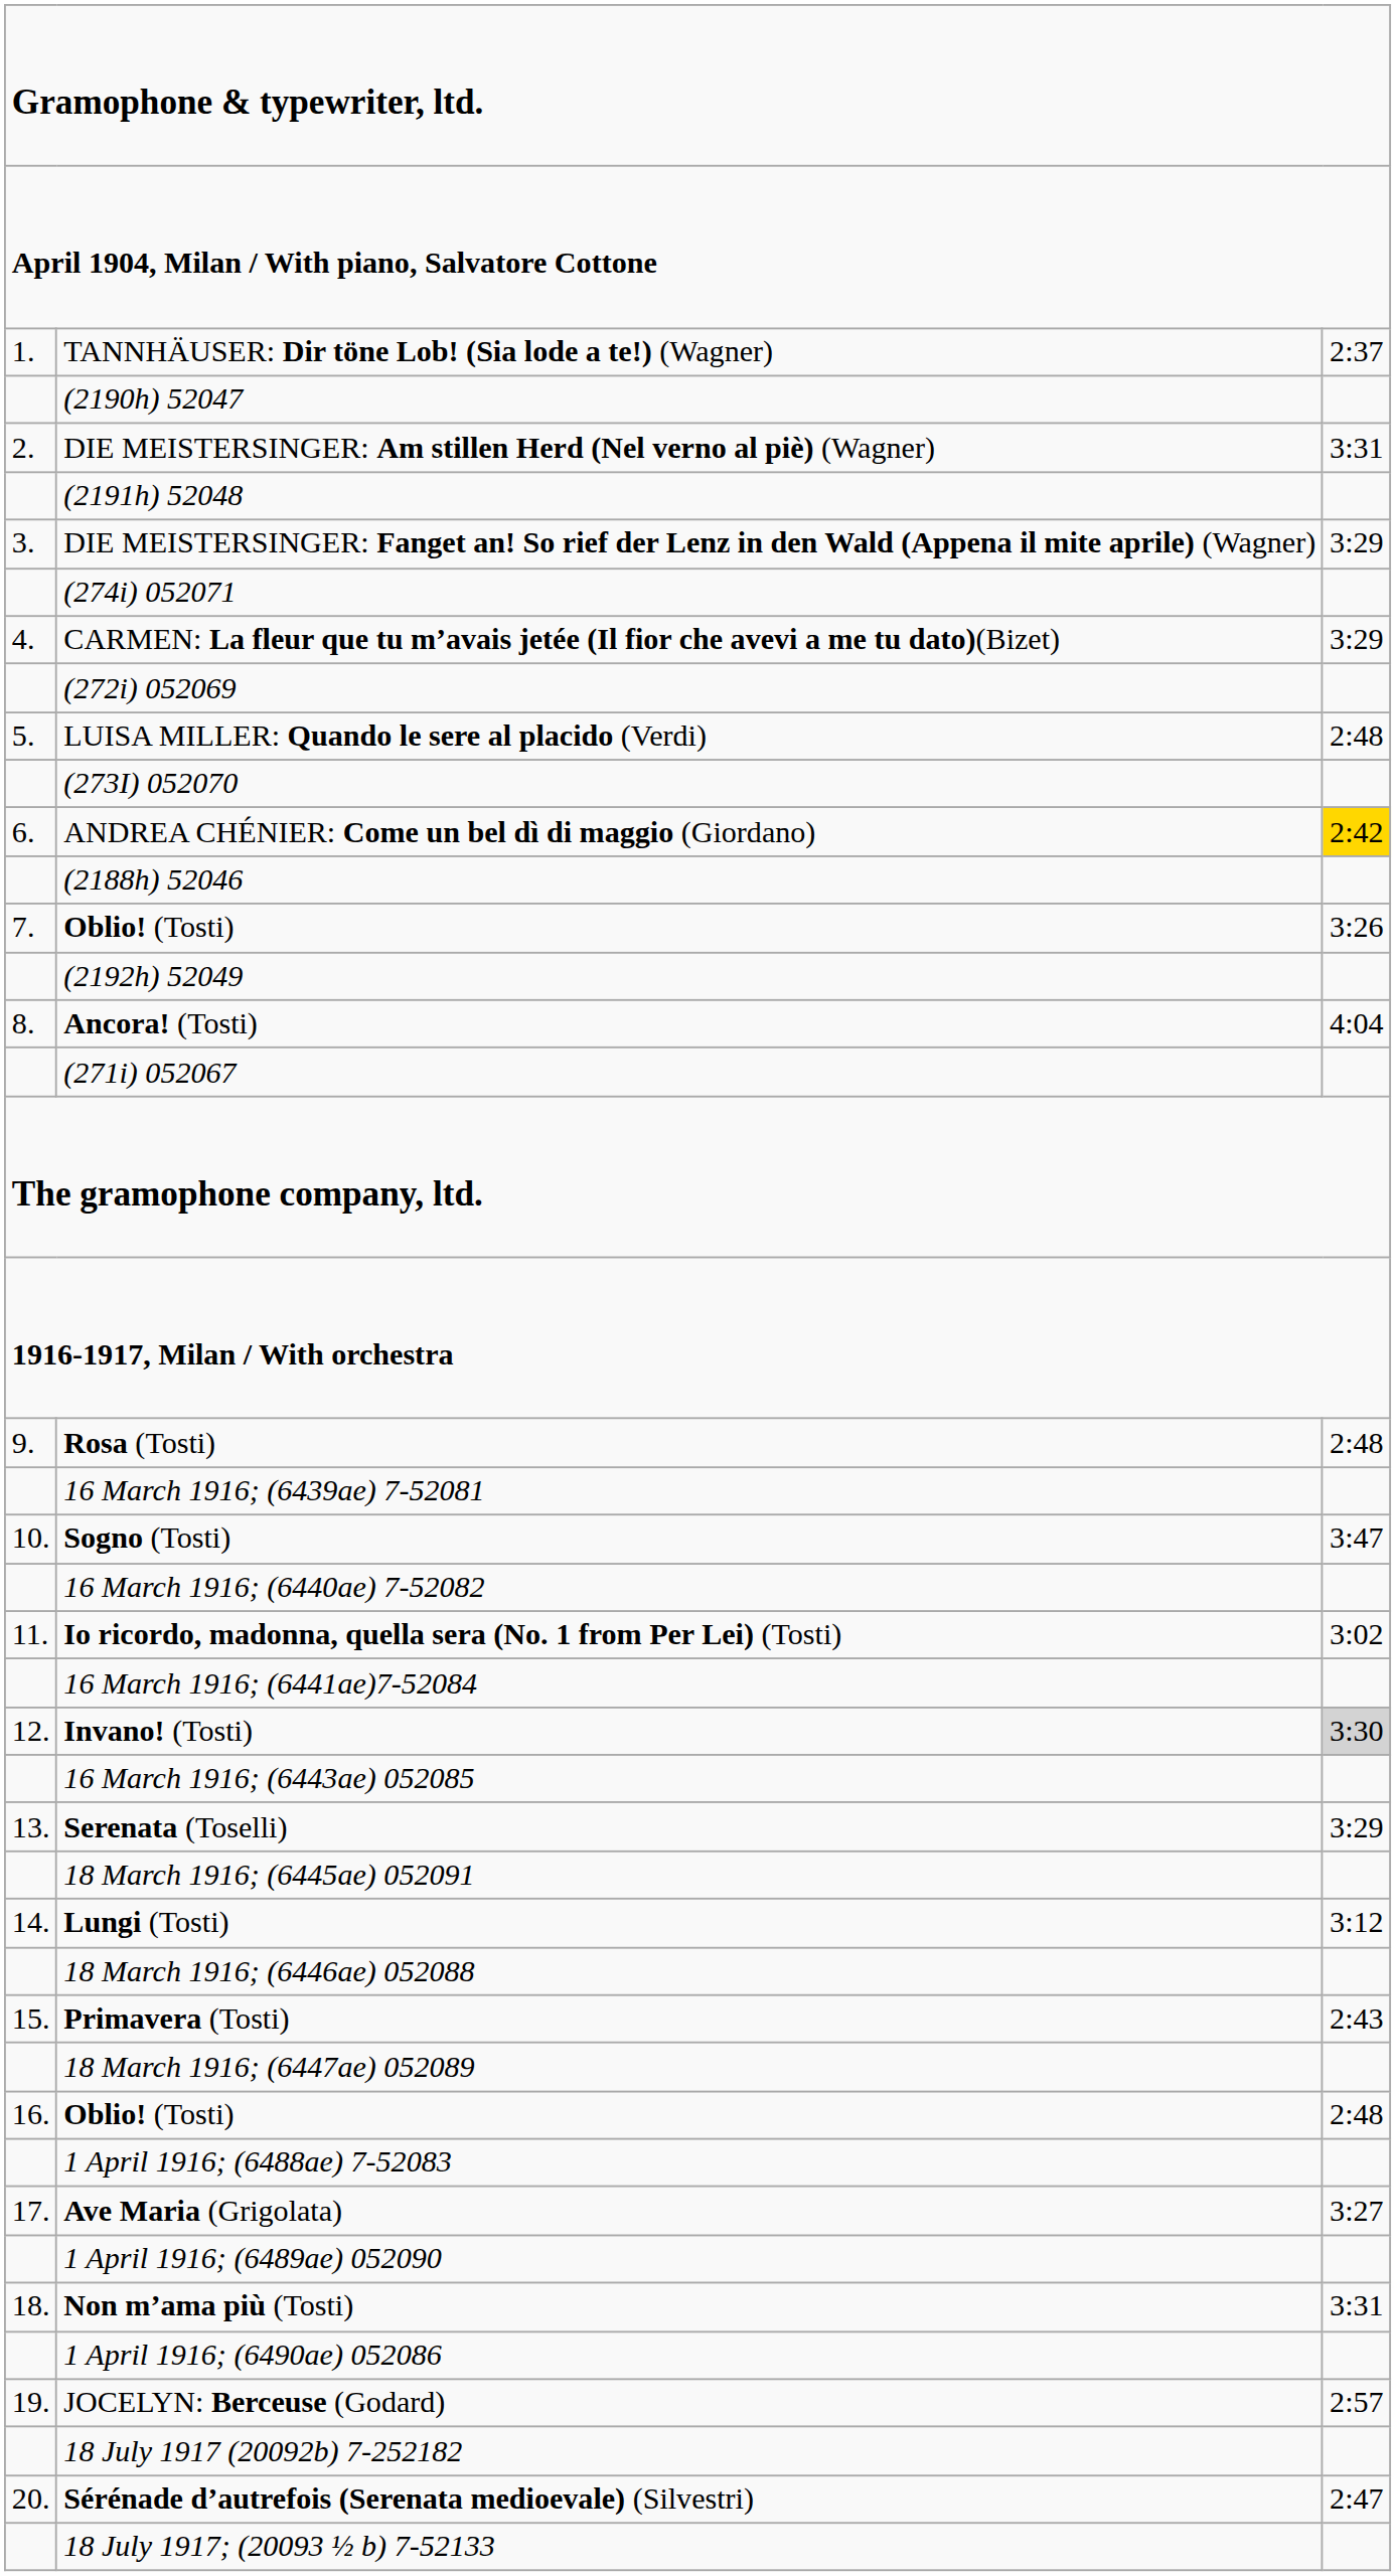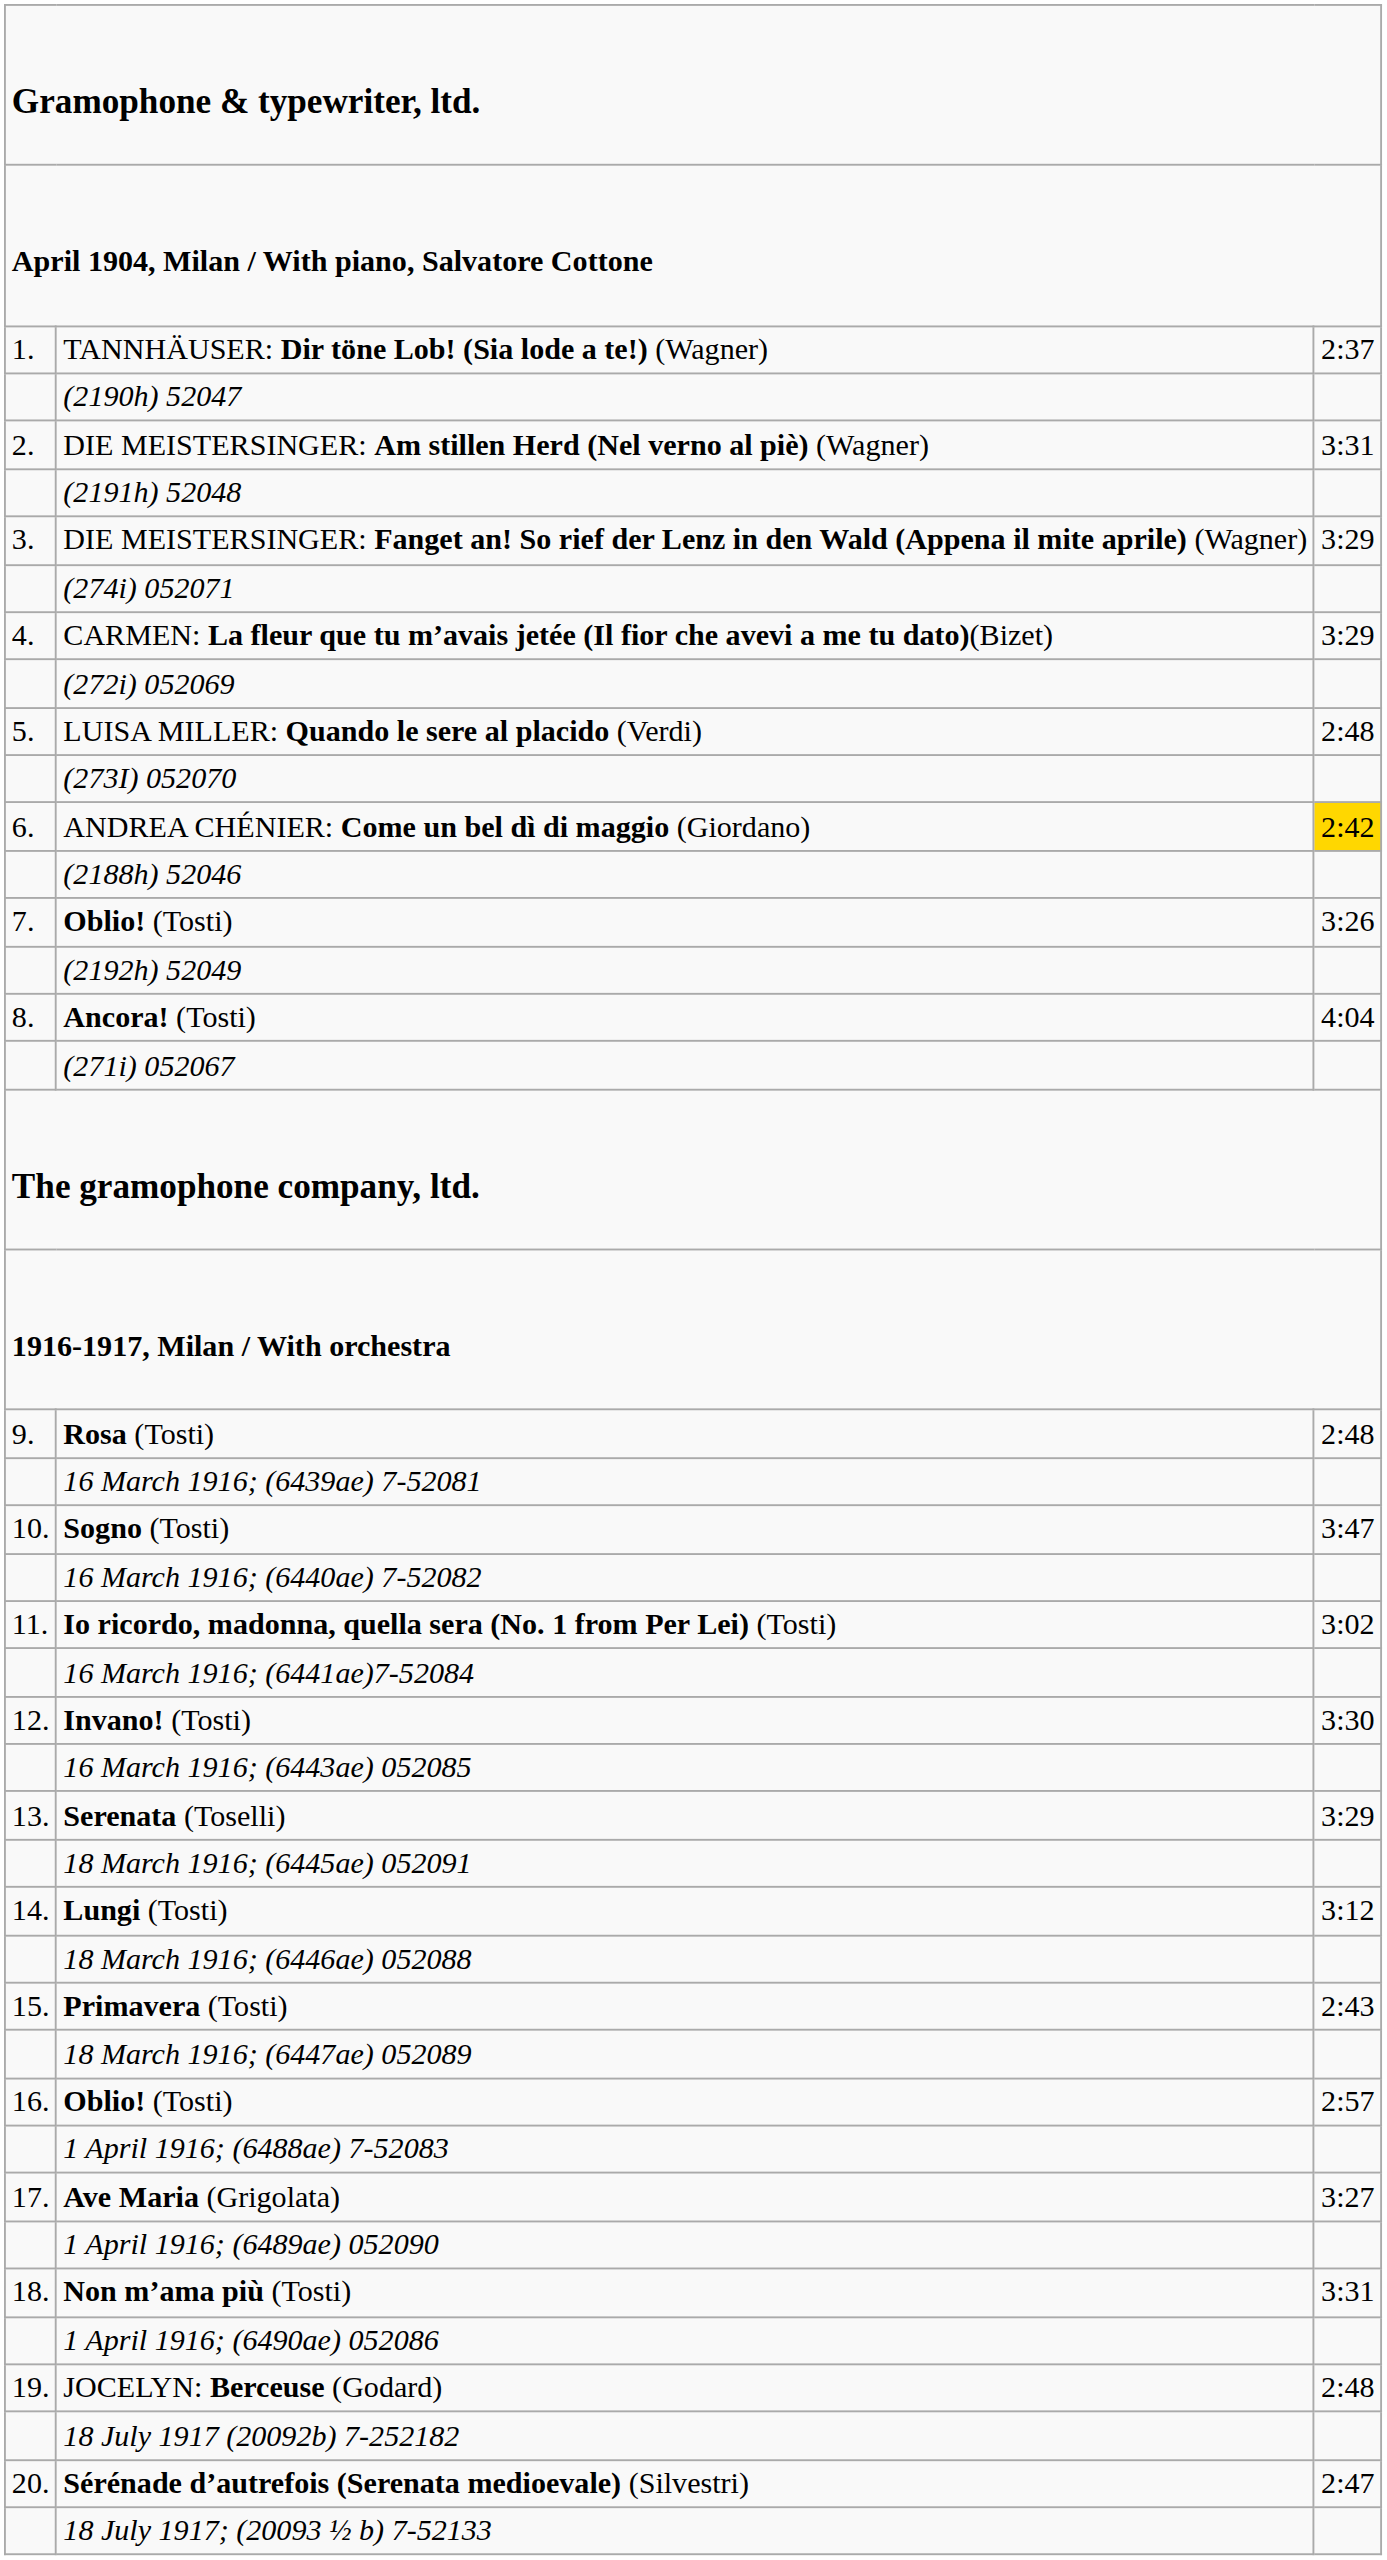 <table class="wikitable">
 <tr>
 <td colspan="3"><br><h3>Gramophone & typewriter, ltd.</h3></td>
 </tr>
 <tr>
 <td colspan="3"><br><h4>April 1904, Milan / With piano, Salvatore Cottone</h4></td>
 </tr>
 <tr>
 <td>1.</td>
 <td>TANNHÄUSER: <strong>Dir töne Lob! (Sia lode a te!)</strong> (Wagner)</td>
 <td>2:37</td>
 </tr>
 <tr>
 <td></td>
 <td><em>(2190h) 52047</em></td>
 <td></td>
 </tr>
 <tr>
 <td>2.</td>
 <td>DIE MEISTERSINGER: <strong>Am stillen Herd (Nel verno al piè)</strong> (Wagner)</td>
 <td>3:31</td>
 </tr>
 <tr>
 <td></td>
 <td><em>(2191h) 52048</em></td>
 <td></td>
 </tr>
 <tr>
 <td>3.</td>
 <td>DIE MEISTERSINGER: <strong>Fanget an! So rief der Lenz in den Wald (Appena il mite aprile)</strong> (Wagner)</td>
 <td>3:29</td>
 </tr>
 <tr>
 <td></td>
 <td><em>(274i) 052071</em></td>
 <td></td>
 </tr>
 <tr>
 <td>4.</td>
 <td>CARMEN: <strong>La fleur que tu m’avais jetée (Il fior che avevi a me tu dato)</strong>(Bizet)</td>
 <td>3:29</td>
 </tr>
 <tr>
 <td></td>
 <td><em>(272i) 052069</em></td>
 <td></td>
 </tr>
 <tr>
 <td>5.</td>
 <td>LUISA MILLER: <strong>Quando le sere al placido</strong> (Verdi)</td>
 <td>2:48</td>
 </tr>
 <tr>
 <td></td>
 <td><em>(273I) 052070</em></td>
 <td></td>
 </tr>
 <tr>
 <td>6.</td>
 <td>ANDREA CHÉNIER: <strong>Come un bel dì di maggio</strong> (Giordano)</td>
 <td style="background: gold;">2:42</td>
 </tr>
 <tr>
 <td></td>
 <td><em>(2188h) 52046</em></td>
 <td></td>
 </tr>
 <tr>
 <td>7.</td>
 <td><strong>Oblio!</strong> (Tosti)</td>
 <td>3:26</td>
 </tr>
 <tr>
 <td></td>
 <td><em>(2192h) 52049</em></td>
 <td></td>
 </tr>
 <tr>
 <td>8.</td>
 <td><strong>Ancora!</strong> (Tosti)</td>
 <td>4:04</td>
 </tr>
 <tr>
 <td></td>
 <td><em>(271i) 052067</em></td>
 <td></td>
 </tr>
 <tr>
 <td colspan="3"><br><h3>The gramophone company, ltd.</h3></td>
 </tr>
 <tr>
 <td colspan="3"><br><h4>1916-1917, Milan / With orchestra</h4></td>
 </tr>
 <tr>
 <td>9.</td>
 <td><strong>Rosa</strong> (Tosti)</td>
 <td>2:48</td>
 </tr>
 <tr>
 <td></td>
 <td><em>16 March 1916; (6439ae) 7-52081</em></td>
 <td></td>
 </tr>
 <tr>
 <td>10.</td>
 <td><strong>Sogno</strong> (Tosti)</td>
 <td>3:47</td>
 </tr>
 <tr>
 <td></td>
 <td><em>16 March 1916; (6440ae) 7-52082</em></td>
 <td></td>
 </tr>
 <tr>
 <td>11.</td>
 <td><strong>Io ricordo, madonna, quella sera (No. 1 from Per Lei)</strong> (Tosti)</td>
 <td>3:02</td>
 </tr>
 <tr>
 <td></td>
 <td><em>16 March 1916; (6441ae)7-52084</em></td>
 <td></td>
 </tr>
 <tr>
 <td>12.</td>
 <td><strong>Invano!</strong> (Tosti)</td>
-<td style="background: lightgrey;">3:30</td>
+<td>3:30</td>
 </tr>
 <tr>
 <td></td>
 <td><em>16 March 1916; (6443ae) 052085</em></td>
 <td></td>
 </tr>
 <tr>
 <td>13.</td>
 <td><strong>Serenata</strong> (Toselli)</td>
 <td>3:29</td>
 </tr>
 <tr>
 <td></td>
 <td><em>18 March 1916; (6445ae) 052091</em></td>
 <td></td>
 </tr>
 <tr>
 <td>14.</td>
 <td><strong>Lungi</strong> (Tosti)</td>
 <td>3:12</td>
 </tr>
 <tr>
 <td></td>
 <td><em>18 March 1916; (6446ae) 052088</em></td>
 <td></td>
 </tr>
 <tr>
 <td>15.</td>
 <td><strong>Primavera</strong> (Tosti)</td>
 <td>2:43</td>
 </tr>
 <tr>
 <td></td>
 <td><em>18 March 1916; (6447ae) 052089</em></td>
 <td></td>
 </tr>
 <tr>
 <td>16.</td>
 <td><strong>Oblio!</strong> (Tosti)</td>
-<td>2:48</td>
+<td>2:57</td>
 </tr>
 <tr>
 <td></td>
 <td><em>1 April 1916; (6488ae) 7-52083</em></td>
 <td></td>
 </tr>
 <tr>
 <td>17.</td>
 <td><strong>Ave Maria</strong> (Grigolata)</td>
 <td>3:27</td>
 </tr>
 <tr>
 <td></td>
 <td><em>1 April 1916; (6489ae) 052090</em></td>
 <td></td>
 </tr>
 <tr>
 <td>18.</td>
 <td><strong>Non m’ama più</strong> (Tosti)</td>
 <td>3:31</td>
 </tr>
 <tr>
 <td></td>
 <td><em>1 April 1916; (6490ae) 052086</em></td>
 <td></td>
 </tr>
 <tr>
 <td>19.</td>
 <td>JOCELYN: <strong>Berceuse</strong> (Godard)</td>
-<td>2:57</td>
+<td>2:48</td>
 </tr>
 <tr>
 <td></td>
 <td><em>18 July 1917 (20092b) 7-252182</em></td>
 <td></td>
 </tr>
 <tr>
 <td>20.</td>
 <td><strong>Sérénade d’autrefois (Serenata medioevale)</strong> (Silvestri)</td>
 <td>2:47</td>
 </tr>
 <tr>
 <td></td>
 <td><em>18 July 1917; (20093 ½ b) 7-52133</em></td>
 </tr>
 </table>
